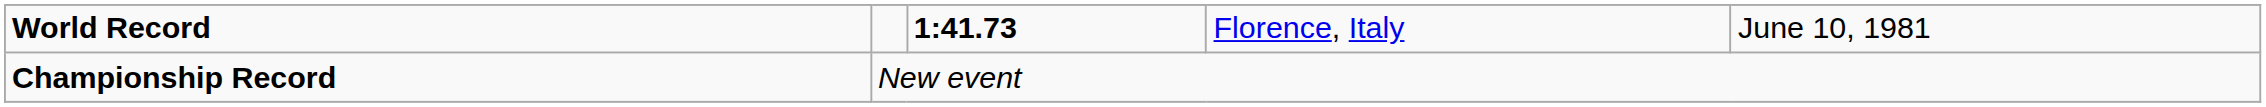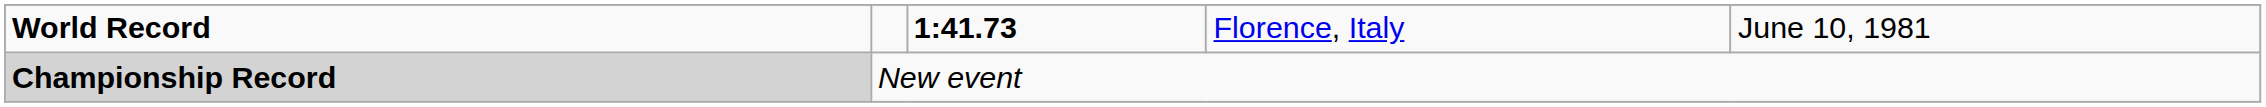 <table class="wikitable" width=75%>
 <tr>
 <td><strong>World Record</strong></td>
 <td></td>
 <td><strong>1:41.73</strong></td>
 <td><a href='#'>Florence</a>, <a href='#'>Italy</a></td>
 <td>June 10, 1981</td>
 </tr>
 <tr>
-<td><strong>Championship Record</strong></td>
+<td style="background: lightgrey;"><strong>Championship Record</strong></td>
 <td colspan="4"><em>New event</em></td>
 </tr>
 </table>
